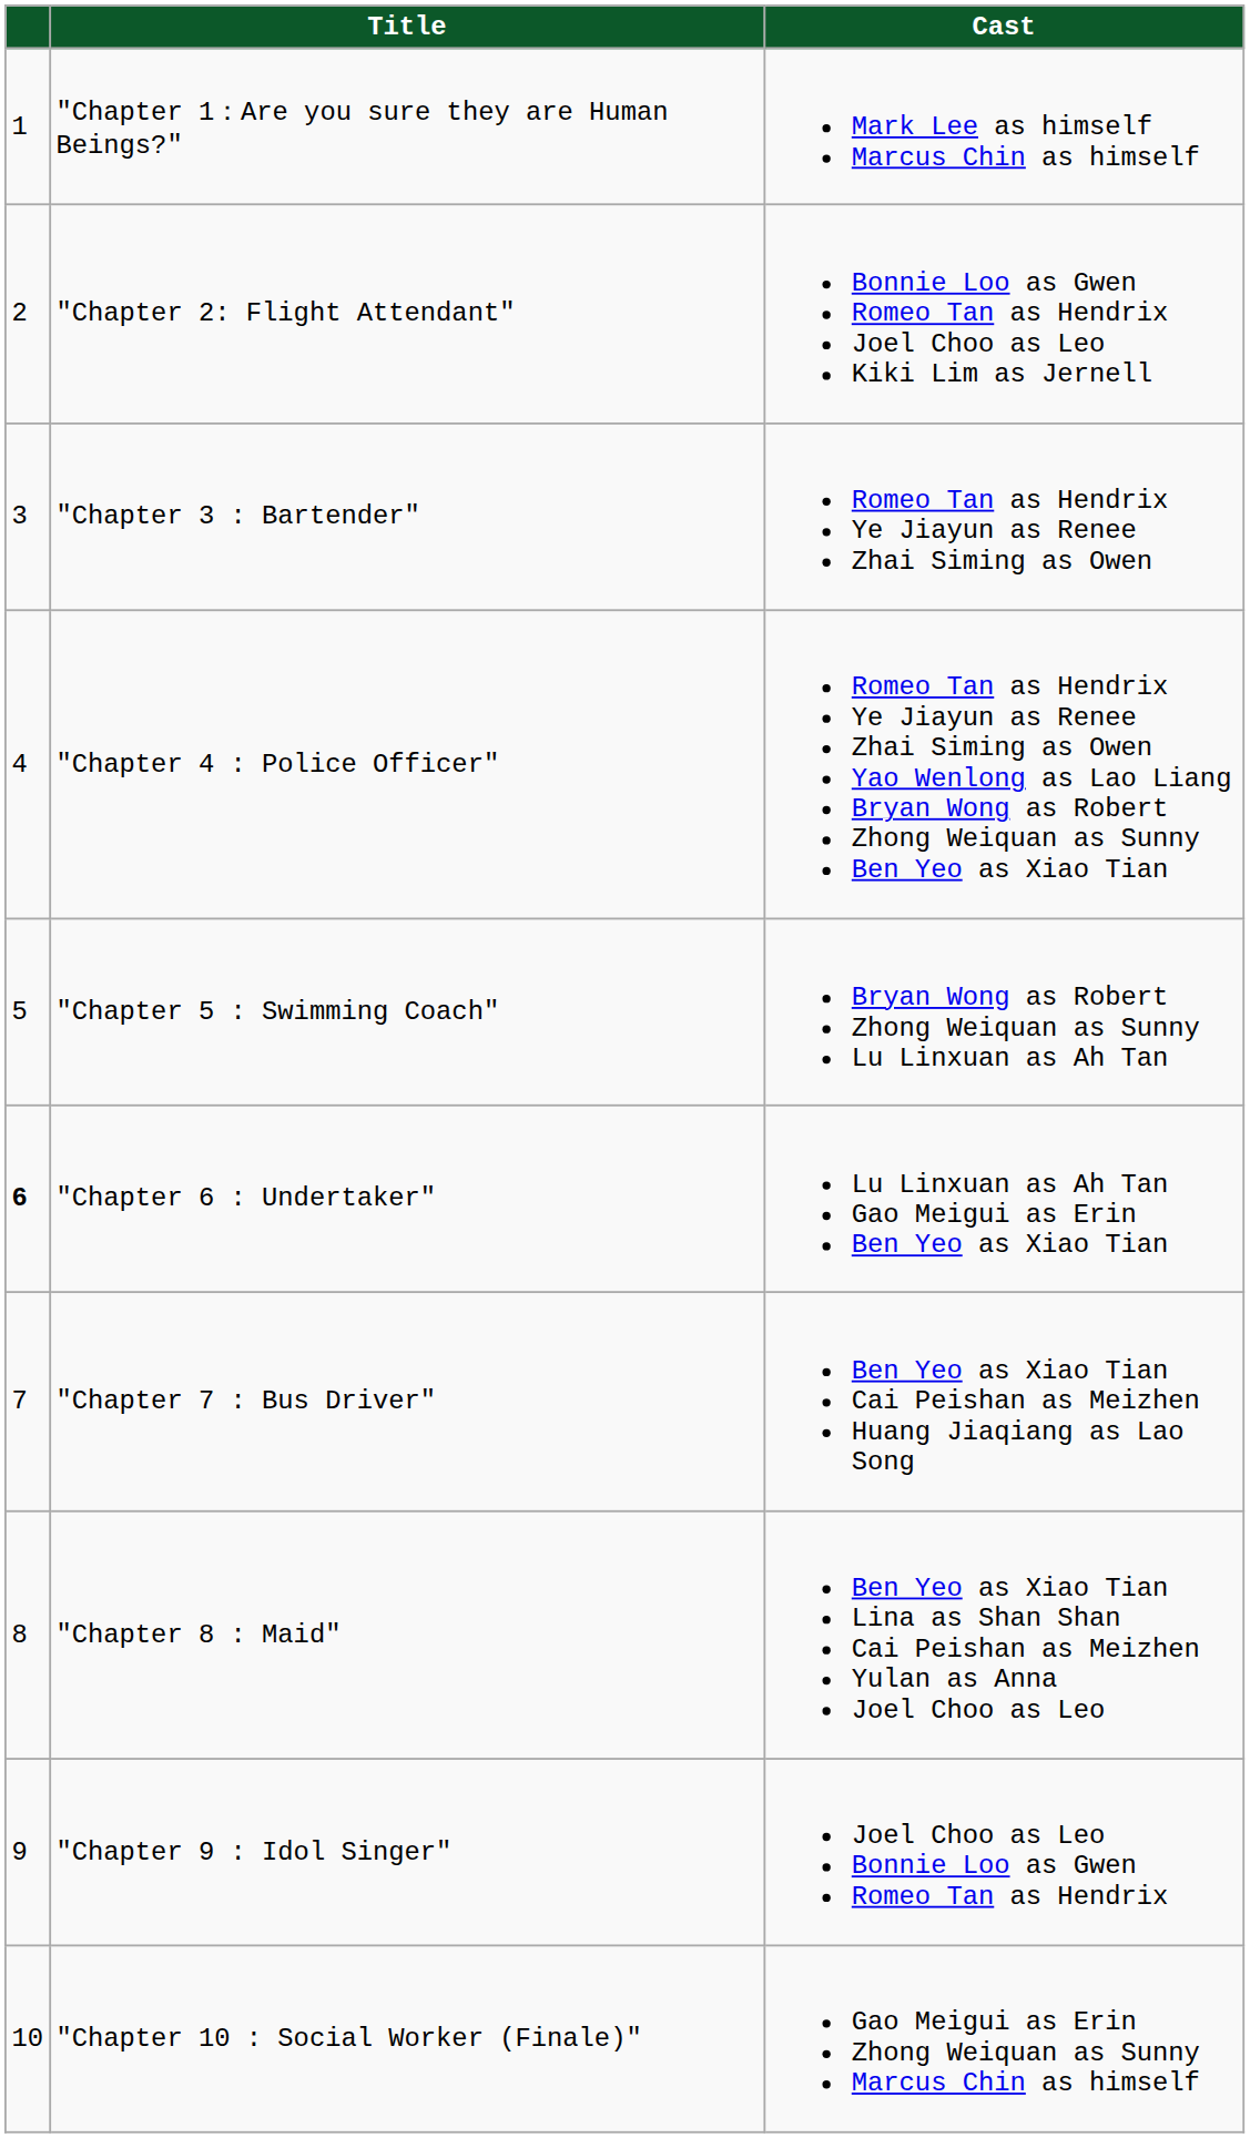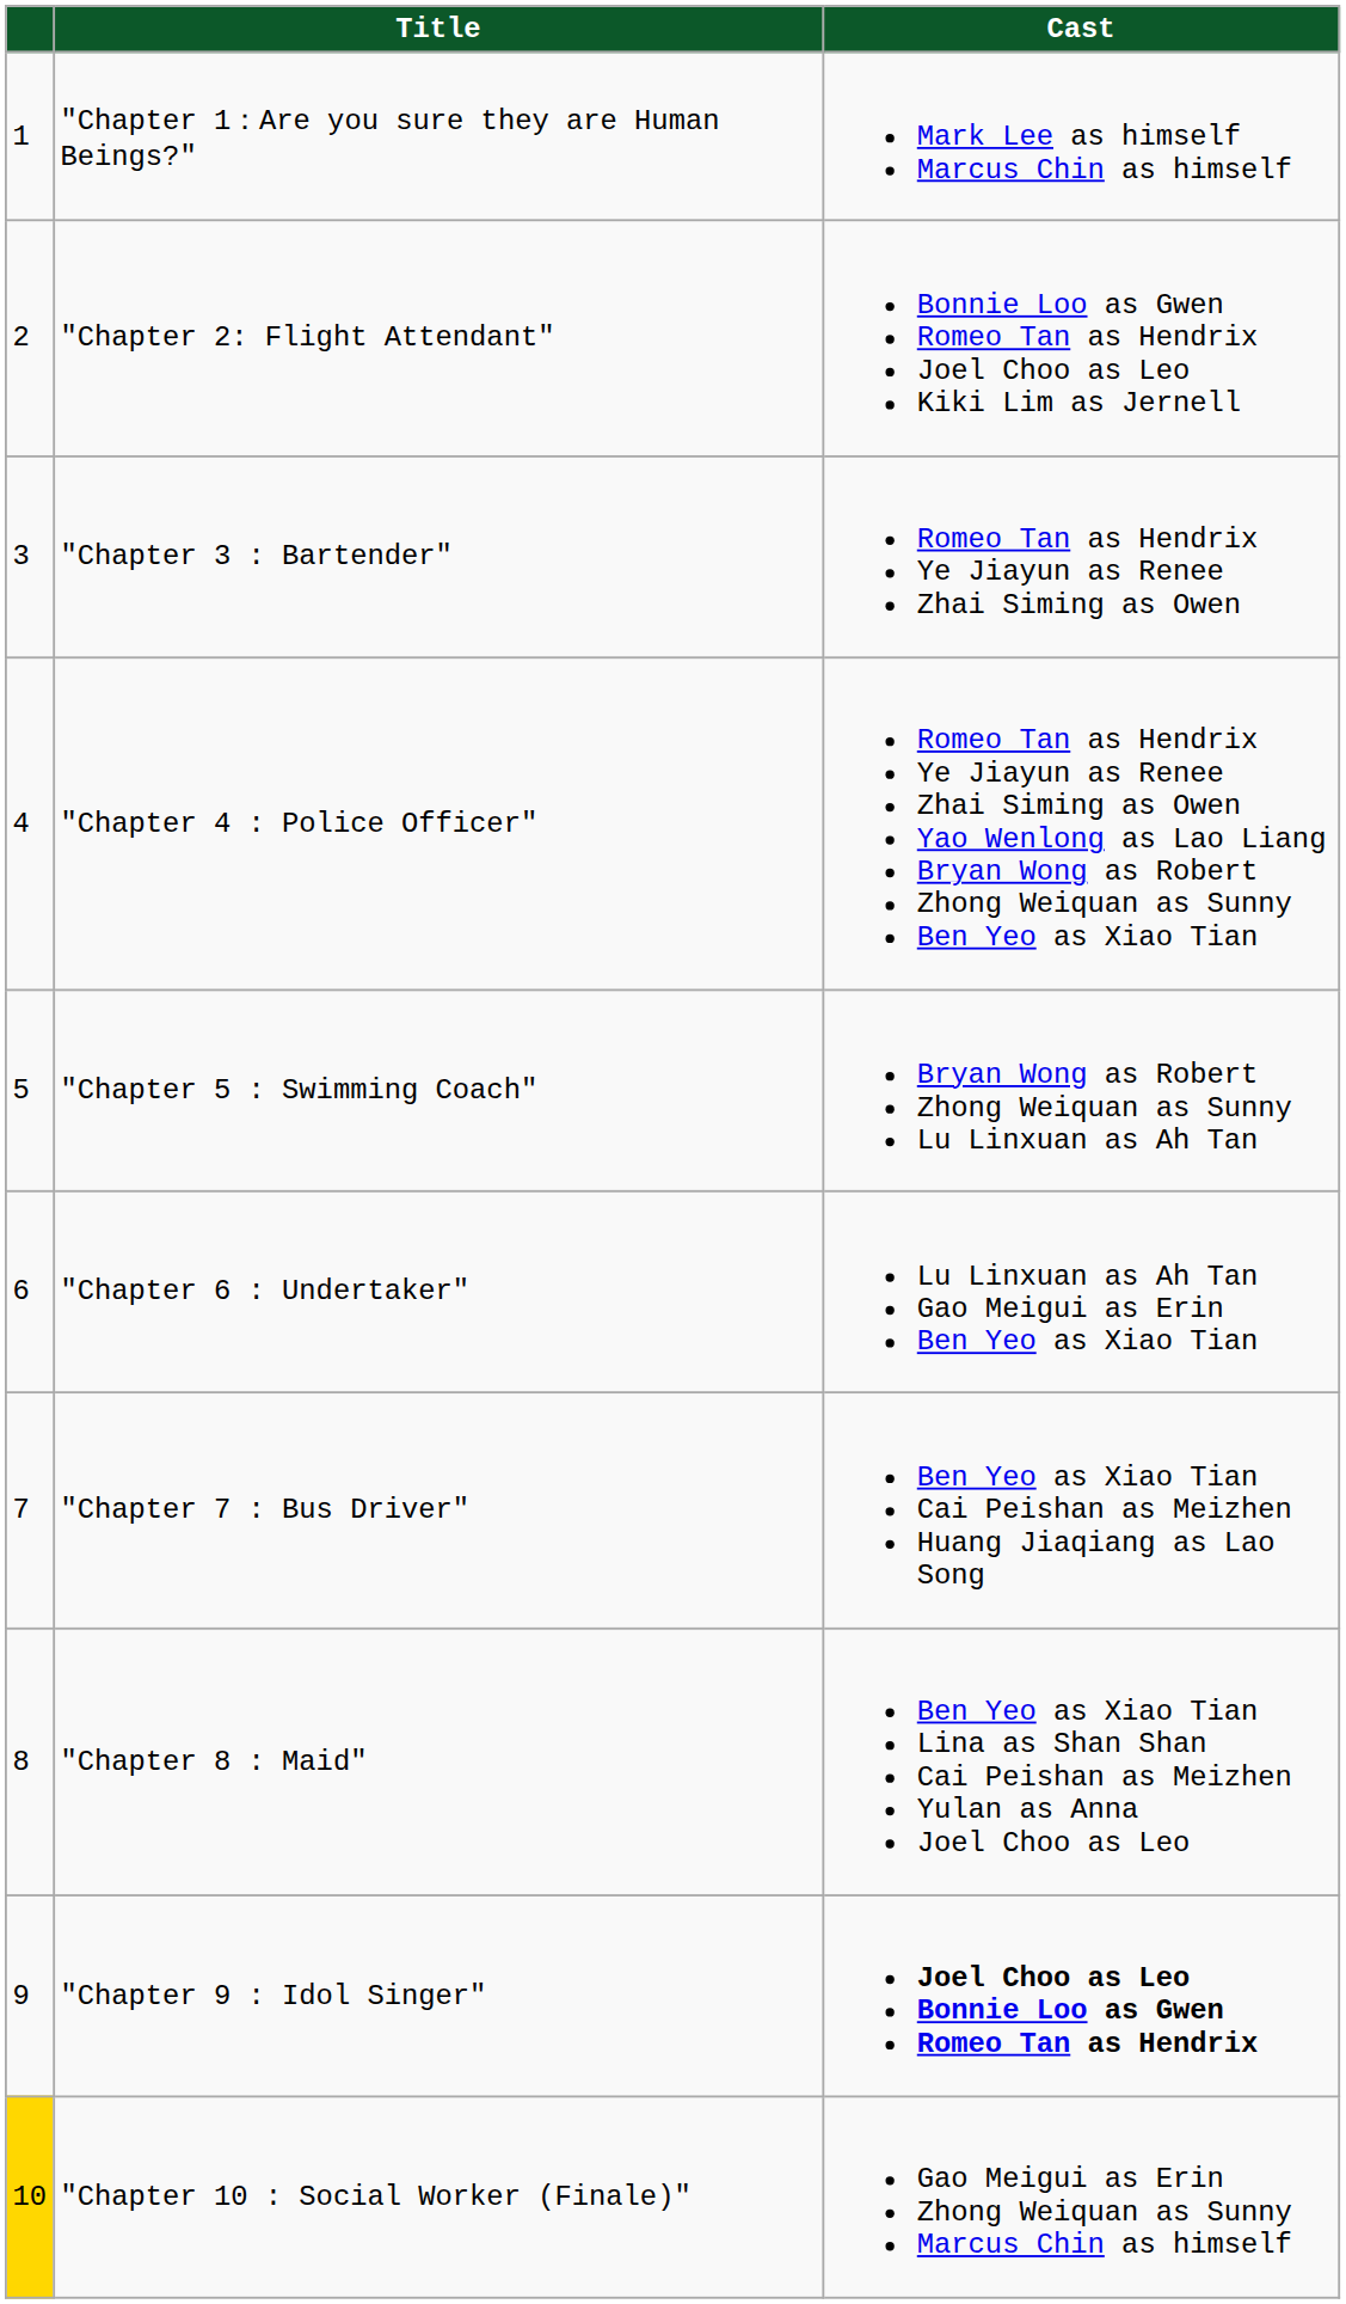 <table class="wikitable sortable">
 <tr>
 <th style="background:#0C5829;color:white;"></th>
 <th style="background:#0C5829;color:white;">Title</th>
 <th style="background:#0C5829;color:white;">Cast</th>
 </tr>
 <tr>
 <td>1</td>
 <td>"Chapter 1：Are you sure they are Human Beings?"</td>
 <td><br><ul><li><a href='#'>Mark Lee</a> as himself</li><li><a href='#'>Marcus Chin</a> as himself</li></ul></td>
 </tr>
 <tr>
 <td>2</td>
 <td>"Chapter 2: Flight Attendant"</td>
 <td><br><ul><li><a href='#'>Bonnie Loo</a> as Gwen</li><li><a href='#'>Romeo Tan</a> as  Hendrix</li><li>Joel Choo as Leo</li><li>Kiki Lim as Jernell</li></ul></td>
 </tr>
 <tr>
 <td>3</td>
 <td>"Chapter 3 : Bartender"</td>
 <td><br><ul><li><a href='#'>Romeo Tan</a> as  Hendrix</li><li>Ye Jiayun as Renee</li><li>Zhai Siming as Owen</li></ul></td>
 </tr>
 <tr>
 <td>4</td>
 <td>"Chapter 4 : Police Officer"</td>
 <td><br><ul><li><a href='#'>Romeo Tan</a> as  Hendrix</li><li>Ye Jiayun as Renee</li><li>Zhai Siming as Owen</li><li><a href='#'>Yao Wenlong</a> as Lao Liang</li><li><a href='#'>Bryan Wong</a> as Robert</li><li>Zhong Weiquan as Sunny</li><li><a href='#'>Ben Yeo</a> as Xiao Tian</li></ul></td>
 </tr>
 <tr>
 <td>5</td>
 <td>"Chapter 5 : Swimming Coach"</td>
 <td><br><ul><li><a href='#'>Bryan Wong</a> as Robert</li><li>Zhong Weiquan as Sunny</li><li>Lu Linxuan as Ah Tan</li></ul></td>
 </tr>
 <tr>
-<td><strong>6</strong></td>
+<td>6</td>
 <td>"Chapter 6 : Undertaker"</td>
 <td><br><ul><li>Lu Linxuan as Ah Tan</li><li>Gao Meigui as Erin</li><li><a href='#'>Ben Yeo</a> as Xiao Tian</li></ul></td>
 </tr>
 <tr>
 <td>7</td>
 <td>"Chapter 7 : Bus Driver"</td>
 <td><br><ul><li><a href='#'>Ben Yeo</a> as Xiao Tian</li><li>Cai Peishan as Meizhen</li><li>Huang Jiaqiang as Lao Song</li></ul></td>
 </tr>
 <tr>
 <td>8</td>
 <td>"Chapter 8 : Maid"</td>
 <td><br><ul><li><a href='#'>Ben Yeo</a> as Xiao Tian</li><li>Lina as Shan Shan</li><li>Cai Peishan as Meizhen</li><li>Yulan as Anna</li><li>Joel Choo as Leo</li></ul></td>
 </tr>
 <tr>
 <td>9</td>
 <td>"Chapter 9 : Idol Singer"</td>
-<td><br><ul><li>Joel Choo as Leo</li><li><a href='#'>Bonnie Loo</a> as Gwen</li><li><a href='#'>Romeo Tan</a> as  Hendrix</li></ul></td>
+<td><strong><br><ul><li>Joel Choo as Leo</li><li><a href='#'>Bonnie Loo</a> as Gwen</li><li><a href='#'>Romeo Tan</a> as  Hendrix</li></ul></strong></td>
 </tr>
 <tr>
-<td>10</td>
+<td style="background: gold;">10</td>
 <td>"Chapter 10 : Social Worker (Finale)"</td>
 <td><br><ul><li>Gao Meigui as Erin</li><li>Zhong Weiquan as Sunny</li><li><a href='#'>Marcus Chin</a> as himself</li></ul></td>
 </tr>
 </table>
